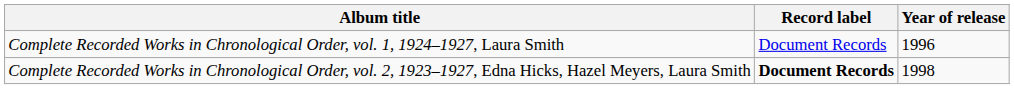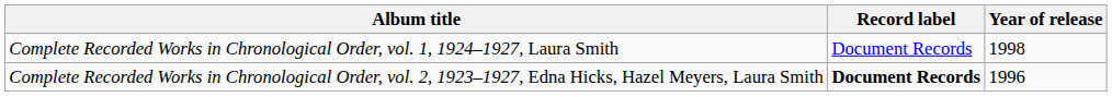 <table class="wikitable sortable">
 <tr>
 <th>Album title</th>
 <th>Record label</th>
 <th>Year of release</th>
 </tr>
 <tr>
 <td><em>Complete Recorded Works in Chronological Order, vol. 1, 1924–1927</em>, Laura Smith</td>
 <td><a href='#'>Document Records</a></td>
-<td>1996</td>
+<td>1998</td>
 </tr>
 <tr>
 <td><em>Complete Recorded Works in Chronological Order, vol. 2, 1923–1927</em>, Edna Hicks, Hazel Meyers, Laura Smith</td>
 <td><strong>Document Records</strong></td>
-<td>1998</td>
+<td>1996</td>
 </tr>
 </table>
